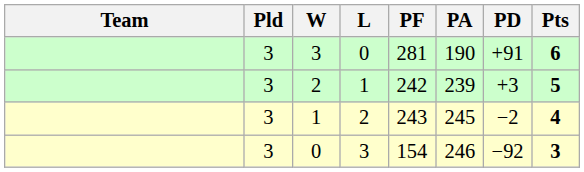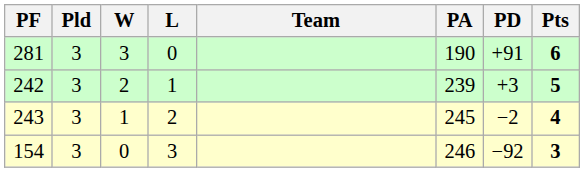 <table class=wikitable style="text-align:center">
 <tr>
-<th width=180>Team</th>
+<th width=30>PF</th>
 <th width=30>Pld</th>
 <th width=30>W</th>
 <th width=30>L</th>
-<th width=30>PF</th>
+<th width=180>Team</th>
 <th width=30>PA</th>
 <th width=30>PD</th>
 <th width=30>Pts</th>
 </tr>
 <tr bgcolor="#ccffcc">
-<td align="left"></td>
+<td>281</td>
 <td>3</td>
 <td>3</td>
 <td>0</td>
-<td>281</td>
+<td align="left"></td>
 <td>190</td>
 <td>+91</td>
 <td><strong>6</strong></td>
 </tr>
 <tr bgcolor="#ccffcc">
-<td align="left"></td>
+<td>242</td>
 <td>3</td>
 <td>2</td>
 <td>1</td>
-<td>242</td>
+<td align="left"></td>
 <td>239</td>
 <td>+3</td>
 <td><strong>5</strong></td>
 </tr>
 <tr bgcolor="#ffffcc">
-<td align="left"></td>
+<td>243</td>
 <td>3</td>
 <td>1</td>
 <td>2</td>
-<td>243</td>
+<td align="left"></td>
 <td>245</td>
 <td>−2</td>
 <td><strong>4</strong></td>
 </tr>
 <tr bgcolor="#ffffcc">
-<td align="left"></td>
+<td>154</td>
 <td>3</td>
 <td>0</td>
 <td>3</td>
-<td>154</td>
+<td align="left"></td>
 <td>246</td>
 <td>−92</td>
 <td><strong>3</strong></td>
 </tr>
 </table>
